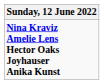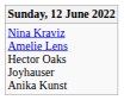 <table class="wikitable">
 <tr>
 <th>Sunday, 12 June 2022</th>
 </tr>
 <tr valign="top">
-<td><strong><a href='#'>Nina Kraviz</a><br><a href='#'>Amelie Lens</a><br>Hector Oaks<br>Joyhauser<br>Anika Kunst</strong></td>
+<td><a href='#'>Nina Kraviz</a><br><a href='#'>Amelie Lens</a><br>Hector Oaks<br>Joyhauser<br>Anika Kunst</td>
 </tr>
 </table>
